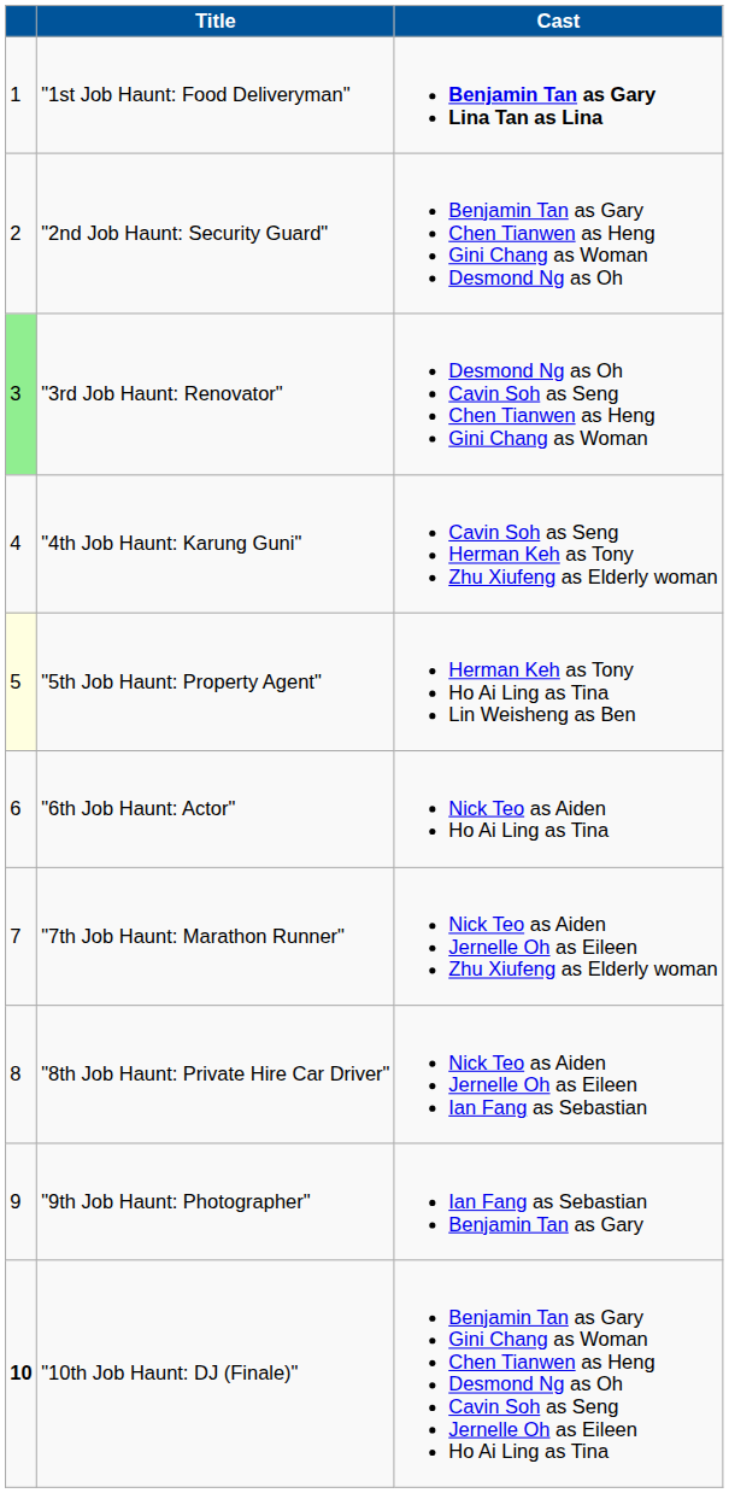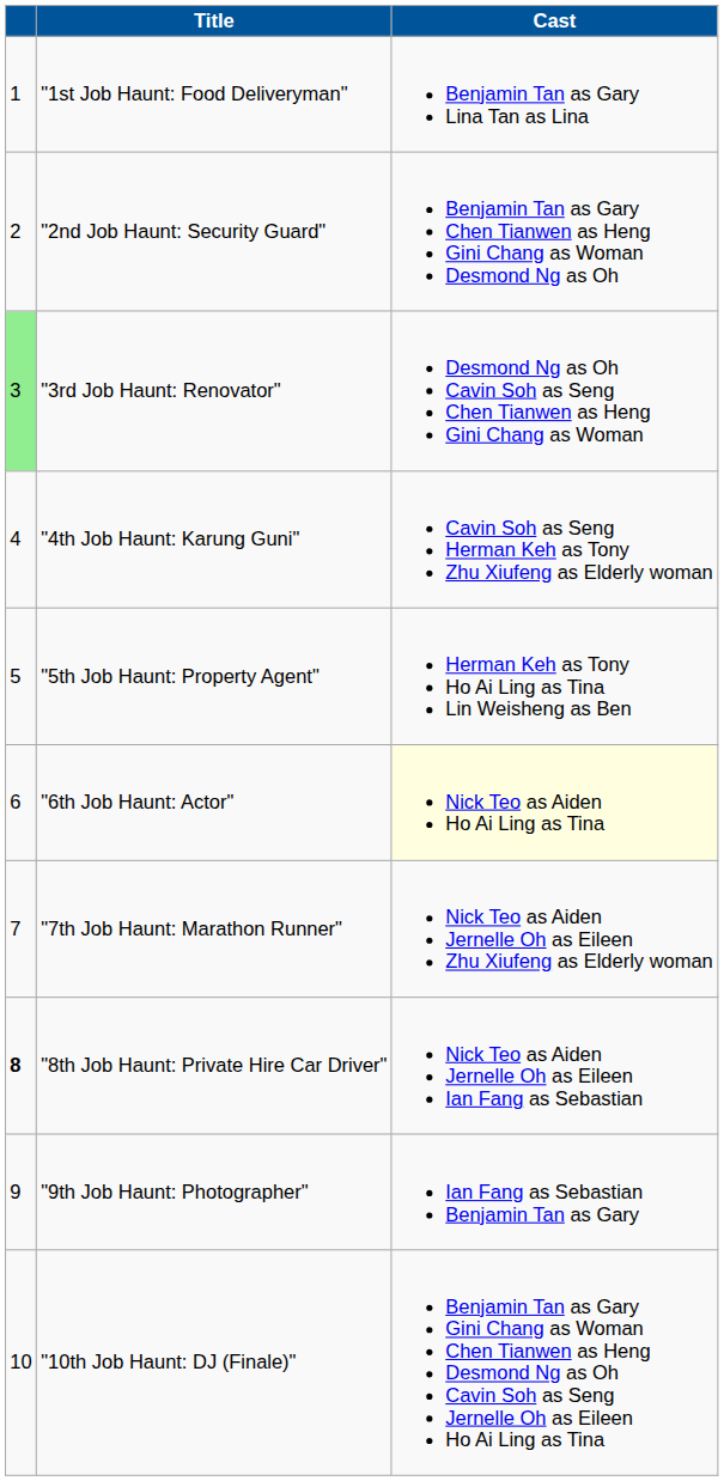 <table class="wikitable sortable">
 <tr>
 <th style="background:#00549A;color:white;"></th>
 <th style="background:#00549A;color:white;">Title</th>
 <th style="background:#00549A;color:white;">Cast</th>
 </tr>
 <tr>
 <td>1</td>
 <td>"1st Job Haunt: Food Deliveryman"</td>
-<td><strong><br><ul><li><a href='#'>Benjamin Tan</a> as Gary</li><li>Lina Tan as Lina</li></ul></strong></td>
+<td><br><ul><li><a href='#'>Benjamin Tan</a> as Gary</li><li>Lina Tan as Lina</li></ul></td>
 </tr>
 <tr>
 <td>2</td>
 <td>"2nd Job Haunt: Security Guard"</td>
 <td><br><ul><li><a href='#'>Benjamin Tan</a> as Gary</li><li><a href='#'>Chen Tianwen</a> as Heng</li><li><a href='#'>Gini Chang</a> as Woman</li><li><a href='#'>Desmond Ng</a> as Oh</li></ul></td>
 </tr>
 <tr>
 <td style="background: lightgreen;">3</td>
 <td>"3rd Job Haunt: Renovator"</td>
 <td><br><ul><li><a href='#'>Desmond Ng</a> as Oh</li><li><a href='#'>Cavin Soh</a> as Seng</li><li><a href='#'>Chen Tianwen</a> as Heng</li><li><a href='#'>Gini Chang</a> as Woman</li></ul></td>
 </tr>
 <tr>
 <td>4</td>
 <td>"4th Job Haunt: Karung Guni"</td>
 <td><br><ul><li><a href='#'>Cavin Soh</a> as Seng</li><li><a href='#'>Herman Keh</a> as Tony</li><li><a href='#'>Zhu Xiufeng</a> as Elderly woman</li></ul></td>
 </tr>
 <tr>
-<td style="background: lightyellow;">5</td>
+<td>5</td>
 <td>"5th Job Haunt: Property Agent"</td>
 <td><br><ul><li><a href='#'>Herman Keh</a> as Tony</li><li>Ho Ai Ling as Tina</li><li>Lin Weisheng as Ben</li></ul></td>
 </tr>
 <tr>
 <td>6</td>
 <td>"6th Job Haunt: Actor"</td>
-<td><br><ul><li><a href='#'>Nick Teo</a> as Aiden</li><li>Ho Ai Ling as Tina</li></ul></td>
+<td style="background: lightyellow;"><br><ul><li><a href='#'>Nick Teo</a> as Aiden</li><li>Ho Ai Ling as Tina</li></ul></td>
 </tr>
 <tr>
 <td>7</td>
 <td>"7th Job Haunt: Marathon Runner"</td>
 <td><br><ul><li><a href='#'>Nick Teo</a> as Aiden</li><li><a href='#'>Jernelle Oh</a> as Eileen</li><li><a href='#'>Zhu Xiufeng</a> as Elderly woman</li></ul></td>
 </tr>
 <tr>
-<td>8</td>
+<td><strong>8</strong></td>
 <td>"8th Job Haunt: Private Hire Car Driver"</td>
 <td><br><ul><li><a href='#'>Nick Teo</a> as Aiden</li><li><a href='#'>Jernelle Oh</a> as Eileen</li><li><a href='#'>Ian Fang</a> as Sebastian</li></ul></td>
 </tr>
 <tr>
 <td>9</td>
 <td>"9th Job Haunt: Photographer"</td>
 <td><br><ul><li><a href='#'>Ian Fang</a> as Sebastian</li><li><a href='#'>Benjamin Tan</a> as Gary</li></ul></td>
 </tr>
 <tr>
-<td><strong>10</strong></td>
+<td>10</td>
 <td>"10th Job Haunt: DJ (Finale)"</td>
 <td><br><ul><li><a href='#'>Benjamin Tan</a> as Gary</li><li><a href='#'>Gini Chang</a> as Woman</li><li><a href='#'>Chen Tianwen</a> as Heng</li><li><a href='#'>Desmond Ng</a> as Oh</li><li><a href='#'>Cavin Soh</a> as Seng</li><li><a href='#'>Jernelle Oh</a> as Eileen</li><li>Ho Ai Ling as Tina</li></ul></td>
 </tr>
 </table>
